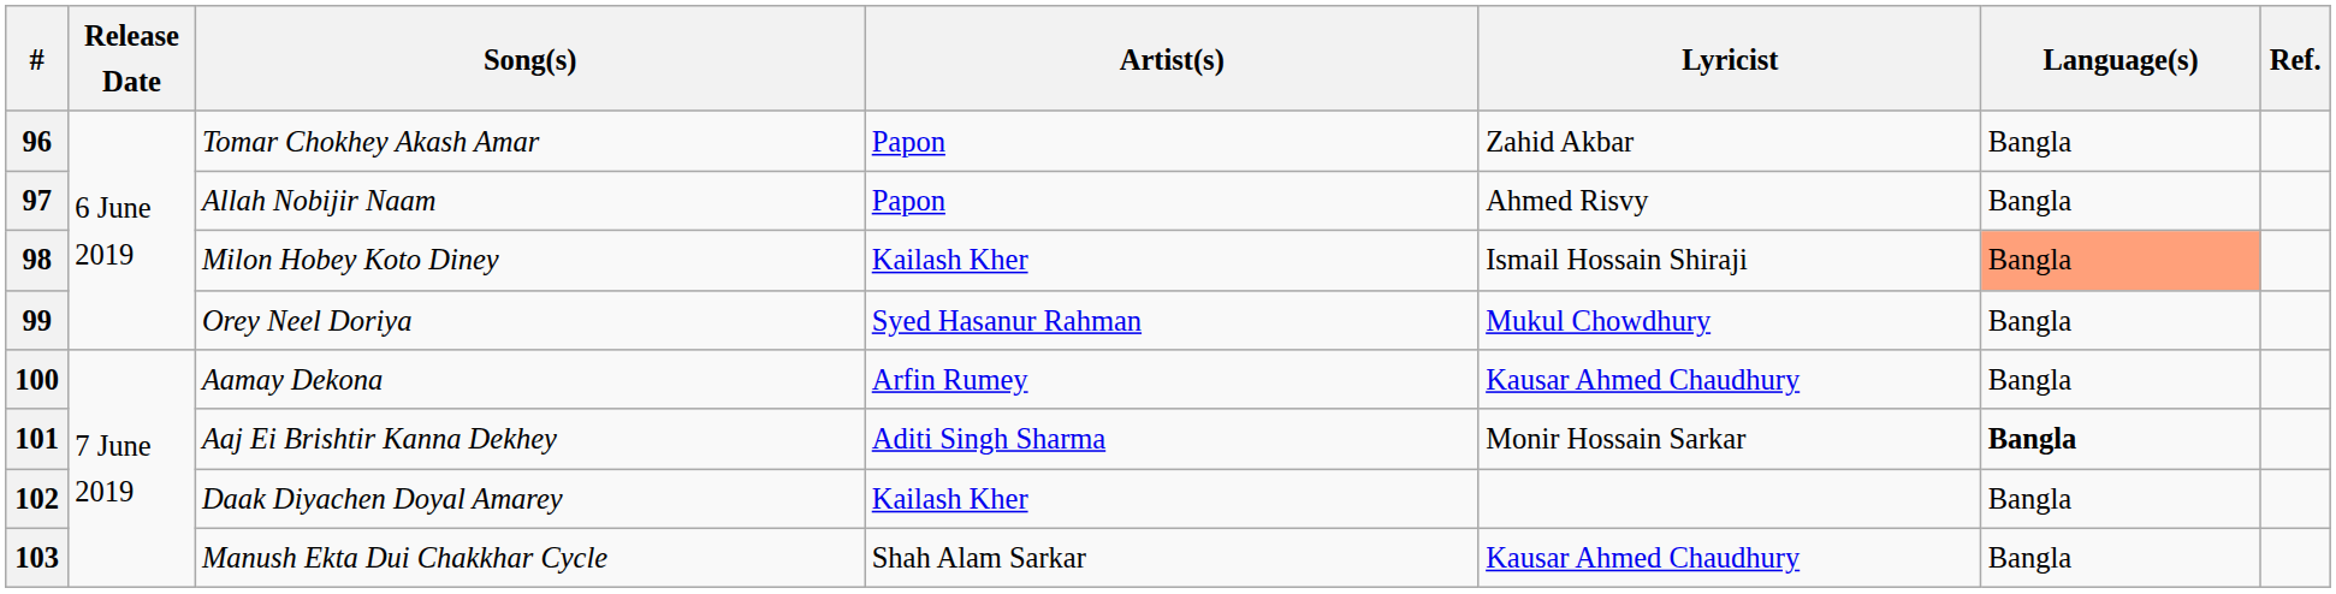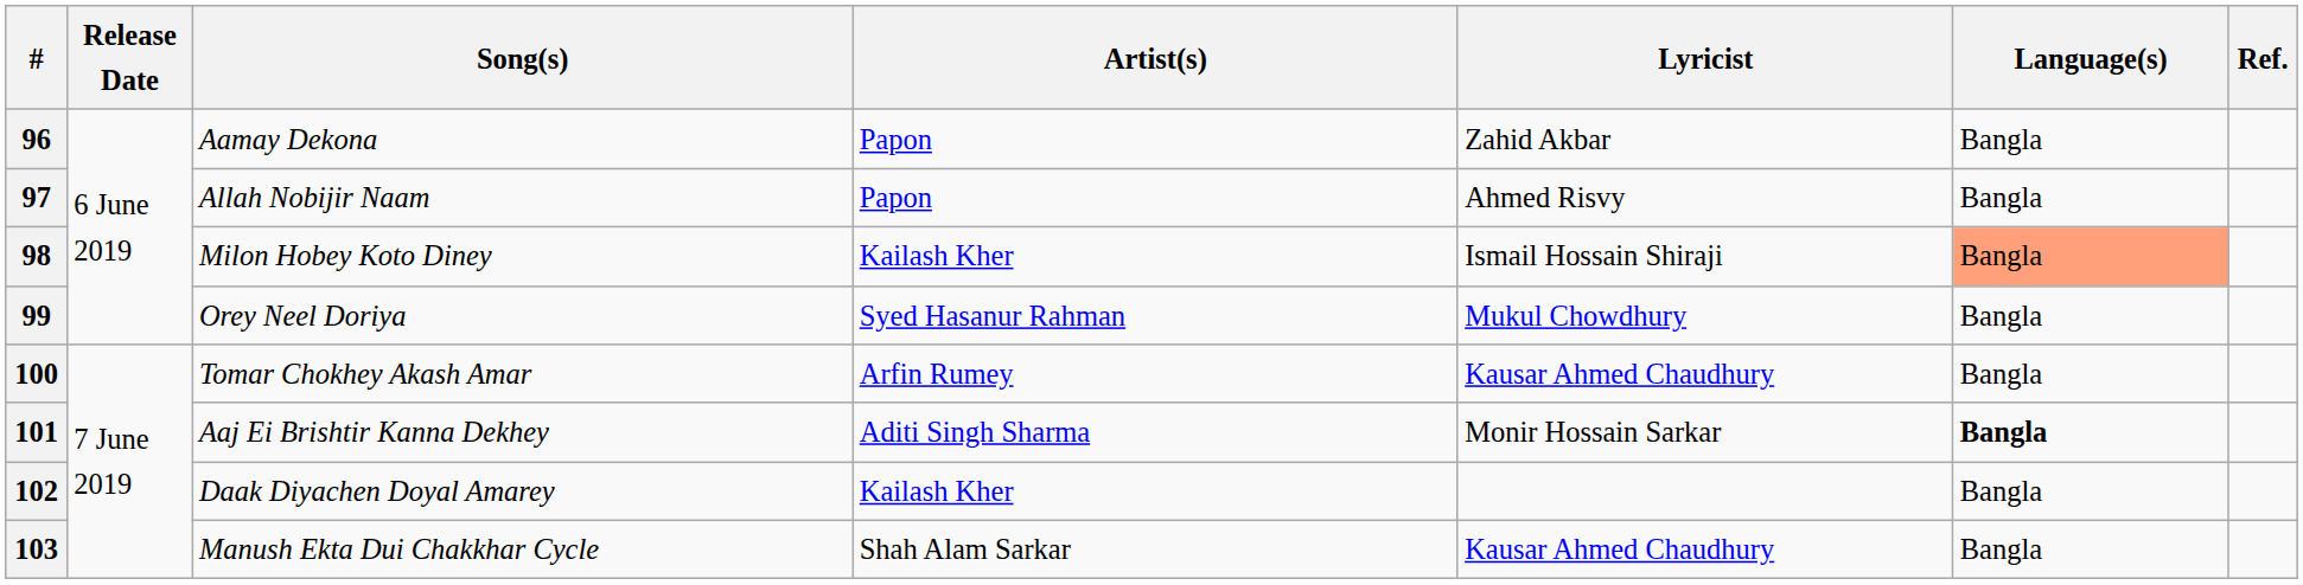 <table class="wikitable" style="text-align:left; font-size:100%; line-height:25px; width:100%;">
 <tr>
 <th style="width:1%;">#</th>
 <th style="width:04%;">Release Date </th>
 <th style="width:24%;">Song(s)</th>
 <th style="width:22%;">Artist(s)</th>
 <th style="width:18%;">Lyricist</th>
 <th style="width:10%;">Language(s)</th>
 <th style="width:1%;">Ref.</th>
 </tr>
 <tr>
 <th>96</th>
 <td rowspan="4">6 June 2019</td>
-<td><em>Tomar Chokhey Akash Amar</em></td>
+<td><em>Aamay Dekona</em></td>
 <td><a href='#'>Papon</a></td>
 <td>Zahid Akbar</td>
 <td>Bangla</td>
 <td></td>
 </tr>
 <tr>
 <th>97</th>
 <td><em>Allah Nobijir Naam</em></td>
 <td><a href='#'>Papon</a></td>
 <td>Ahmed Risvy</td>
 <td>Bangla</td>
 <td></td>
 </tr>
 <tr>
 <th>98</th>
 <td><em>Milon Hobey Koto Diney</em></td>
 <td><a href='#'>Kailash Kher</a></td>
 <td>Ismail Hossain Shiraji</td>
 <td style="background: lightsalmon;">Bangla</td>
 <td></td>
 </tr>
 <tr>
 <th>99</th>
 <td><em>Orey Neel Doriya</em></td>
 <td><a href='#'>Syed Hasanur Rahman</a></td>
 <td><a href='#'>Mukul Chowdhury</a></td>
 <td>Bangla</td>
 <td></td>
 </tr>
 <tr>
 <th>100</th>
 <td rowspan="4">7 June 2019</td>
-<td><em>Aamay Dekona</em></td>
+<td><em>Tomar Chokhey Akash Amar</em></td>
 <td><a href='#'>Arfin Rumey</a></td>
 <td><a href='#'>Kausar Ahmed Chaudhury</a></td>
 <td>Bangla</td>
 <td></td>
 </tr>
 <tr>
 <th>101</th>
 <td><em>Aaj Ei Brishtir Kanna Dekhey</em></td>
 <td><a href='#'>Aditi Singh Sharma</a></td>
 <td>Monir Hossain Sarkar</td>
 <td><strong>Bangla</strong></td>
 <td></td>
 </tr>
 <tr>
 <th>102</th>
 <td><em>Daak Diyachen Doyal Amarey</em></td>
 <td><a href='#'>Kailash Kher</a></td>
 <td></td>
 <td>Bangla</td>
 <td></td>
 </tr>
 <tr>
 <th>103</th>
 <td><em>Manush Ekta Dui Chakkhar Cycle</em></td>
 <td>Shah Alam Sarkar</td>
 <td><a href='#'>Kausar Ahmed Chaudhury</a></td>
 <td>Bangla</td>
 <td></td>
 </tr>
 </table>
